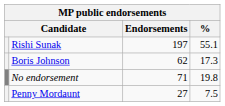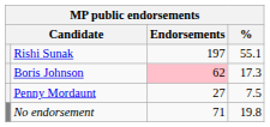 <table class="wikitable" style="font-size:100%">
 <tr>
 <th colspan="4">MP public endorsements</th>
 </tr>
 <tr>
 <th colspan="2" style="width: 170px">Candidate</th>
 <th style="width: 50px">Endorsements</th>
 <th style="width: 40px">%</th>
 </tr>
 <tr>
 <th style="background-color: "></th>
 <td style="width: 170px"><a href='#'>Rishi Sunak</a></td>
 <td align="right">197</td>
 <td align="right">55.1</td>
 </tr>
 <tr>
 <th style="background-color: "></th>
 <td style="width: 170px"><a href='#'>Boris Johnson</a></td>
-<td align="right">62</td>
+<td align="right" style="background: pink;">62</td>
 <td align="right">17.3</td>
+</tr>
+<tr>
+<th style="background-color: "></th>
+<td style="width: 170px"><a href='#'>Penny Mordaunt</a></td>
+<td align="right">27</td>
+<td align="right">7.5</td>
 </tr>
 <tr>
 <th style="background-color: #808080"></th>
 <td style="width: 170px"><em>No endorsement</em></td>
 <td align="right">71</td>
 <td align="right">19.8</td>
 </tr>
-<tr>
-<th style="background-color: "></th>
-<td style="width: 170px"><a href='#'>Penny Mordaunt</a></td>
-<td align="right">27</td>
-<td align="right">7.5</td>
-</tr>
 </table>
